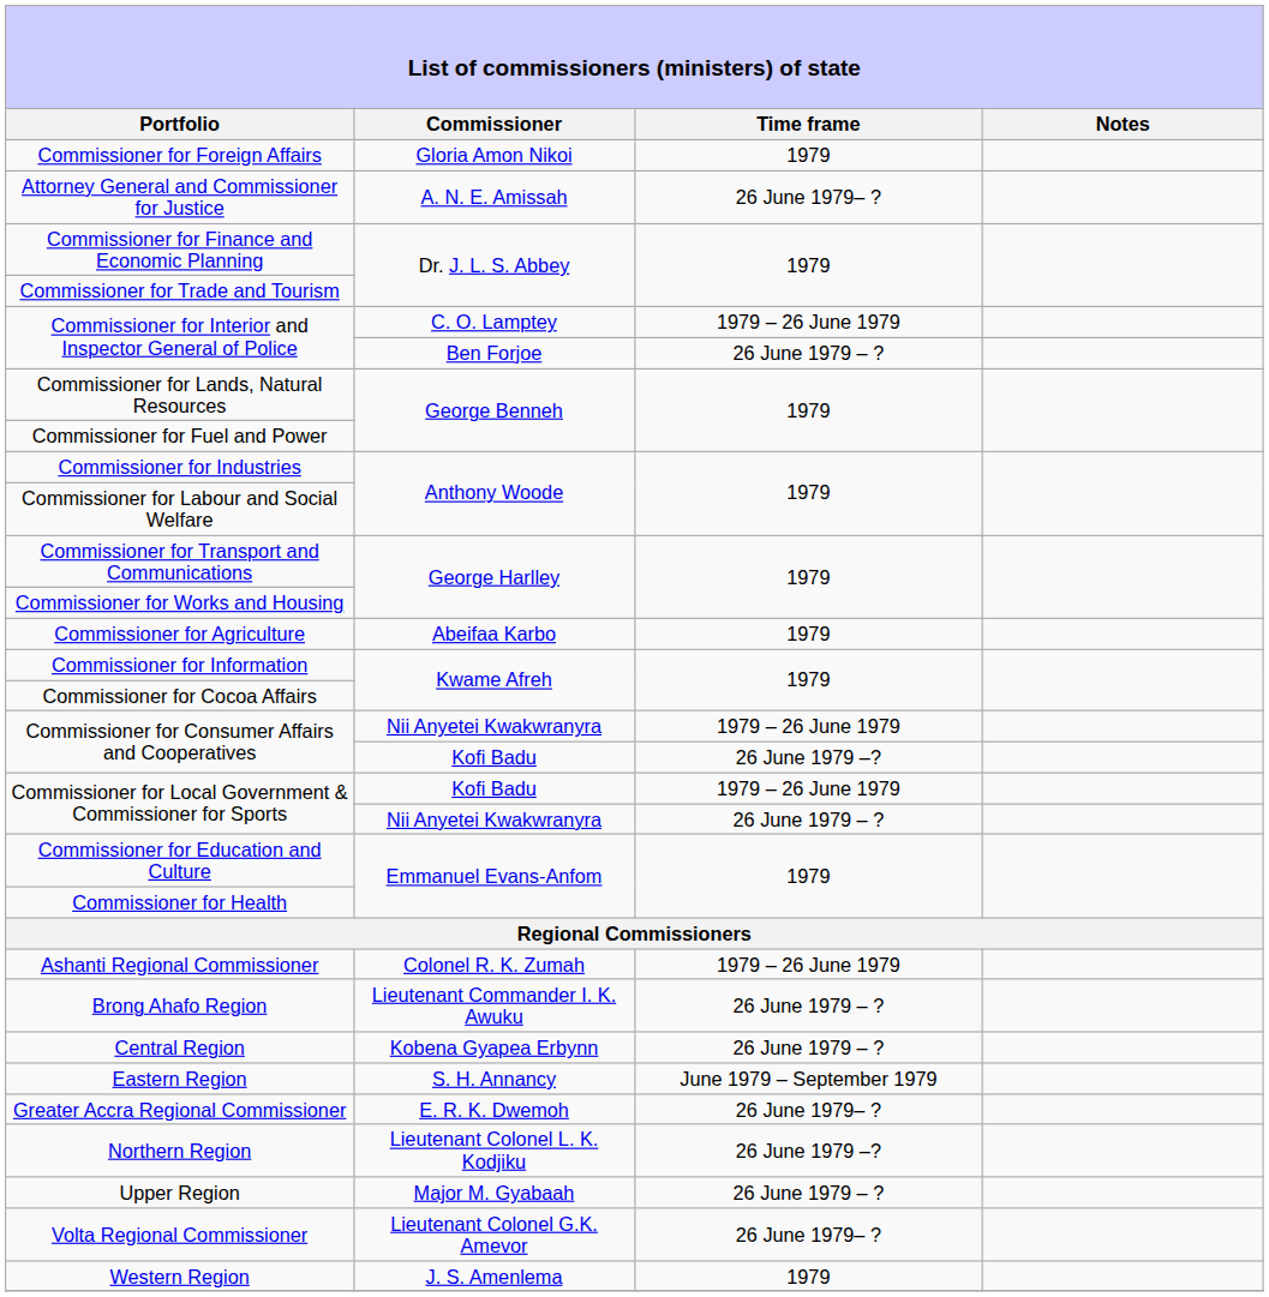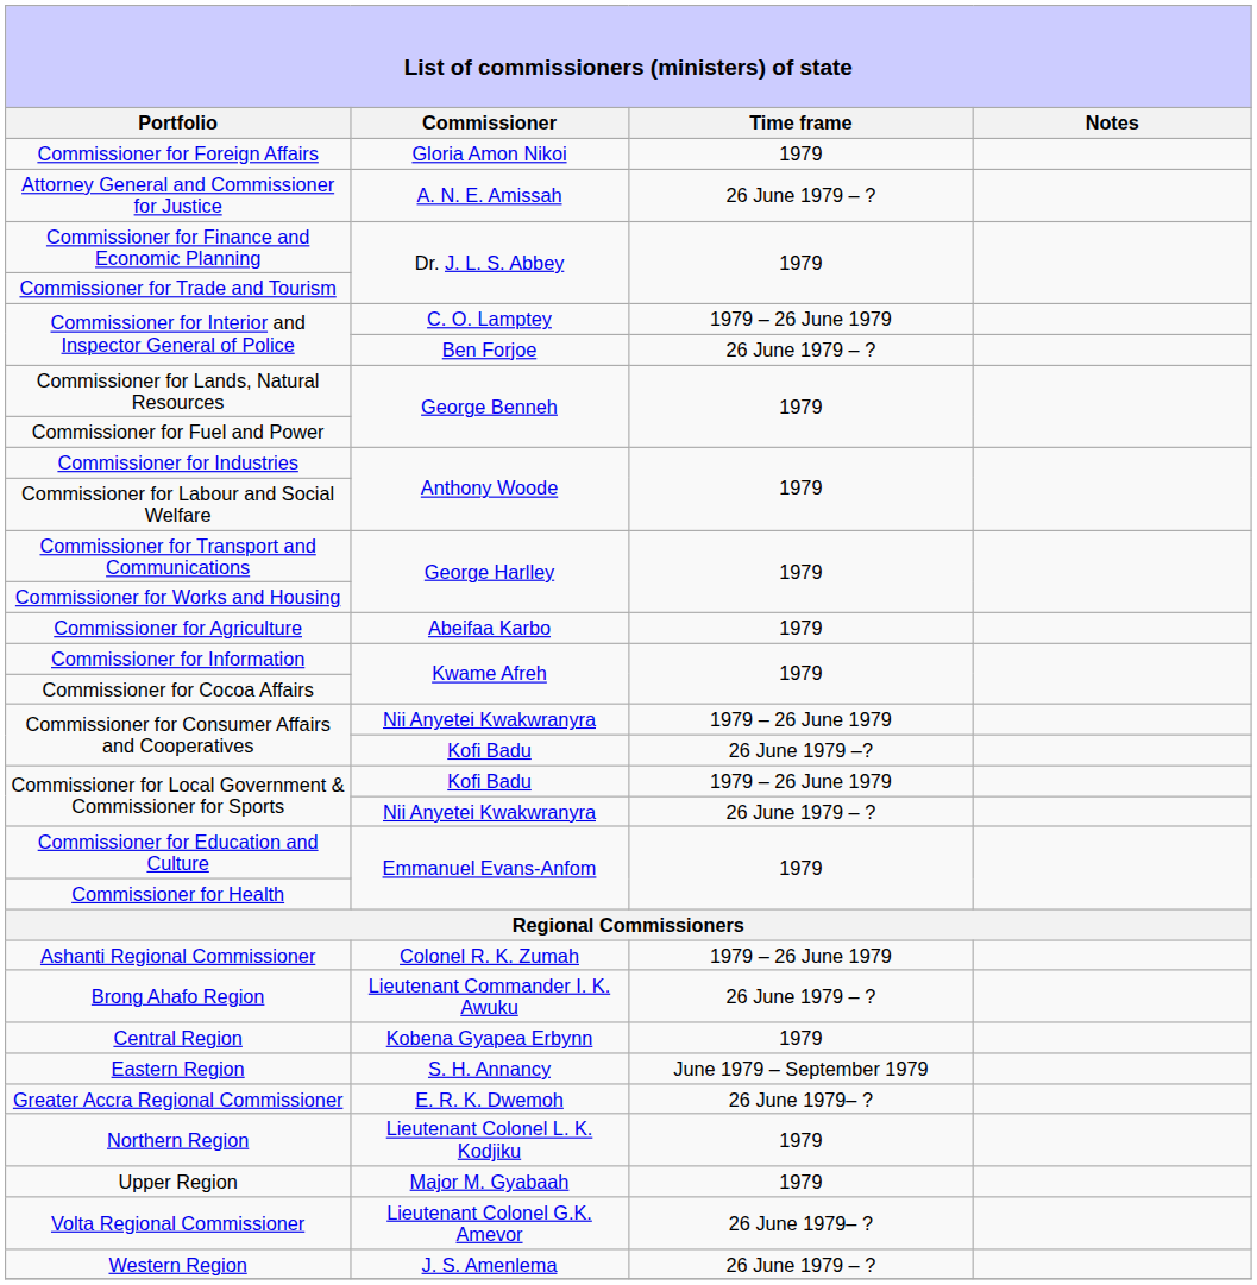 <table class="wikitable" style="font-size:90%; text-align:center;">
 <tr>
 <td colspan=6 bgcolor=ccccff><br><h3>List of commissioners (ministers) of state</h3></td>
 </tr>
 <tr>
 <th width=250>Portfolio</th>
 <th width=200>Commissioner</th>
 <th width=250>Time frame</th>
 <th width=200>Notes</th>
 </tr>
 <tr>
 <td><a href='#'>Commissioner for Foreign Affairs</a></td>
 <td><a href='#'>Gloria Amon Nikoi</a></td>
 <td>1979</td>
 <td></td>
 </tr>
 <tr>
 <td><a href='#'>Attorney General and Commissioner for Justice</a></td>
 <td><a href='#'>A. N. E. Amissah</a></td>
-<td>26 June 1979– ?</td>
+<td>26 June 1979 – ?</td>
 <td></td>
 </tr>
 <tr>
 <td><a href='#'>Commissioner for Finance and Economic Planning</a></td>
 <td rowspan=2>Dr. <a href='#'>J. L. S. Abbey</a></td>
 <td rowspan=2>1979</td>
 <td rowspan=2></td>
 </tr>
 <tr>
 <td><a href='#'>Commissioner for Trade and Tourism</a></td>
 </tr>
 <tr>
 <td rowspan=2><a href='#'>Commissioner for Interior</a> and<br><a href='#'>Inspector General of Police</a></td>
 <td><a href='#'>C. O. Lamptey</a></td>
 <td>1979 – 26 June 1979</td>
 <td></td>
 </tr>
 <tr>
 <td><a href='#'>Ben Forjoe</a></td>
 <td>26 June 1979 – ?</td>
 <td></td>
 </tr>
 <tr>
 <td>Commissioner for Lands, Natural Resources</td>
 <td rowspan=2><a href='#'>George Benneh</a></td>
 <td rowspan=2>1979</td>
 <td rowspan=2></td>
 </tr>
 <tr>
 <td>Commissioner for Fuel and Power</td>
 </tr>
 <tr>
 <td><a href='#'>Commissioner for Industries</a></td>
 <td rowspan=2><a href='#'>Anthony Woode</a></td>
 <td rowspan=2>1979</td>
 <td rowspan=2></td>
 </tr>
 <tr>
 <td>Commissioner for Labour and Social Welfare</td>
 </tr>
 <tr>
 <td><a href='#'>Commissioner for Transport and Communications</a></td>
 <td rowspan=2><a href='#'>George Harlley</a></td>
 <td rowspan=2>1979</td>
 <td rowspan=2></td>
 </tr>
 <tr>
 <td><a href='#'>Commissioner for Works and Housing</a></td>
 </tr>
 <tr>
 <td><a href='#'>Commissioner for Agriculture</a></td>
 <td><a href='#'>Abeifaa Karbo</a></td>
 <td>1979</td>
 <td></td>
 </tr>
 <tr>
 <td><a href='#'>Commissioner for Information</a></td>
 <td rowspan=2><a href='#'>Kwame Afreh</a></td>
 <td rowspan=2>1979</td>
 <td rowspan=2></td>
 </tr>
 <tr>
 <td>Commissioner for Cocoa Affairs</td>
 </tr>
 <tr>
 <td rowspan=2>Commissioner for Consumer Affairs and Cooperatives</td>
 <td><a href='#'>Nii Anyetei Kwakwranyra</a></td>
 <td>1979 – 26 June 1979</td>
 <td></td>
 </tr>
 <tr>
 <td><a href='#'>Kofi Badu</a></td>
 <td>26 June 1979 –?</td>
 <td></td>
 </tr>
 <tr>
 <td rowspan=2>Commissioner for Local Government & <br>Commissioner for Sports</td>
 <td><a href='#'>Kofi Badu</a></td>
 <td>1979 – 26 June 1979</td>
 <td></td>
 </tr>
 <tr>
 <td><a href='#'>Nii Anyetei Kwakwranyra</a></td>
 <td>26 June 1979 – ?</td>
 <td></td>
 </tr>
 <tr>
 <td><a href='#'>Commissioner for Education and Culture</a></td>
 <td rowspan=2><a href='#'>Emmanuel Evans-Anfom</a></td>
 <td rowspan=2>1979</td>
 <td rowspan=2></td>
 </tr>
 <tr>
 <td><a href='#'>Commissioner for Health</a></td>
 </tr>
 <tr>
 <th colspan=4>Regional Commissioners</th>
 </tr>
 <tr>
 <td><a href='#'>Ashanti Regional Commissioner</a></td>
 <td><a href='#'>Colonel R. K. Zumah</a></td>
 <td>1979 – 26 June 1979</td>
 <td></td>
 </tr>
 <tr>
 <td><a href='#'>Brong Ahafo Region</a></td>
 <td><a href='#'>Lieutenant Commander I. K. Awuku</a></td>
 <td>26 June 1979 – ?</td>
 <td></td>
 </tr>
 <tr>
 <td><a href='#'>Central Region</a></td>
 <td><a href='#'>Kobena Gyapea Erbynn</a></td>
-<td>26 June 1979 – ?</td>
+<td>1979</td>
 <td></td>
 </tr>
 <tr>
 <td><a href='#'>Eastern Region</a></td>
 <td><a href='#'>S. H. Annancy</a></td>
 <td>June 1979 – September 1979</td>
 <td></td>
 </tr>
 <tr>
 <td><a href='#'>Greater Accra Regional Commissioner</a></td>
 <td><a href='#'>E. R. K. Dwemoh</a></td>
 <td>26 June 1979– ?</td>
 <td></td>
 </tr>
 <tr>
 <td><a href='#'>Northern Region</a></td>
 <td><a href='#'>Lieutenant Colonel L. K. Kodjiku</a></td>
-<td>26 June 1979 –?</td>
+<td>1979</td>
 <td></td>
 </tr>
 <tr>
 <td>Upper Region</td>
 <td><a href='#'>Major M. Gyabaah</a></td>
-<td>26 June 1979 – ?</td>
+<td>1979</td>
 <td></td>
 </tr>
 <tr>
 <td><a href='#'>Volta Regional Commissioner</a></td>
 <td><a href='#'>Lieutenant Colonel G.K. Amevor</a></td>
 <td>26 June 1979– ?</td>
 <td></td>
 </tr>
 <tr>
 <td><a href='#'>Western Region</a></td>
 <td><a href='#'>J. S. Amenlema</a></td>
-<td>1979</td>
+<td>26 June 1979 – ?</td>
 <td></td>
 </tr>
 <tr>
 </tr>
 </table>
